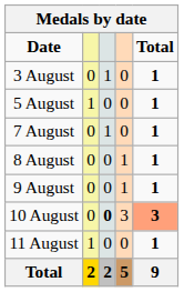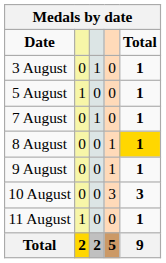 <table class="wikitable" style="font-size:85%">
 <tr bgcolor="#efefef">
 <th colspan=6>Medals by date</th>
 </tr>
 <tr align=center>
 <td><strong>Date</strong></td>
 <td bgcolor=#f7f6a8></td>
 <td bgcolor=#dce5e5></td>
 <td bgcolor=#ffdab9></td>
 <td><strong>Total</strong></td>
 </tr>
 <tr align=center>
 <td>3 August</td>
 <td style="background:#F7F6A8;">0</td>
 <td style="background:#DCE5E5;">1</td>
 <td style="background:#FFDAB9;">0</td>
 <td><strong>1</strong></td>
 </tr>
 <tr align=center>
 <td>5 August</td>
 <td style="background:#F7F6A8;">1</td>
 <td style="background:#DCE5E5;">0</td>
 <td style="background:#FFDAB9;">0</td>
 <td><strong>1</strong></td>
 </tr>
 <tr align=center>
 <td>7 August</td>
 <td style="background:#F7F6A8;">0</td>
 <td style="background:#DCE5E5;">1</td>
 <td style="background:#FFDAB9;">0</td>
 <td><strong>1</strong></td>
 </tr>
 <tr align=center>
 <td>8 August</td>
 <td style="background:#F7F6A8;">0</td>
 <td style="background:#DCE5E5;">0</td>
 <td style="background:#FFDAB9;">1</td>
-<td><strong>1</strong></td>
+<td style="background: gold;"><strong>1</strong></td>
 </tr>
 <tr align=center>
 <td>9 August</td>
 <td style="background:#F7F6A8;">0</td>
 <td style="background:#DCE5E5;">0</td>
 <td style="background:#FFDAB9;">1</td>
 <td><strong>1</strong></td>
 </tr>
 <tr align=center>
 <td>10 August</td>
 <td style="background:#F7F6A8;">0</td>
-<td style="background:#DCE5E5;"><strong>0</strong></td>
+<td style="background:#DCE5E5;">0</td>
 <td style="background:#FFDAB9;">3</td>
-<td style="background: lightsalmon;"><strong>3</strong></td>
+<td><strong>3</strong></td>
 </tr>
 <tr align=center>
 <td>11 August</td>
 <td style="background:#F7F6A8;">1</td>
 <td style="background:#DCE5E5;">0</td>
 <td style="background:#FFDAB9;">0</td>
 <td><strong>1</strong></td>
 </tr>
 <tr align=center>
 <th><strong>Total</strong></th>
 <th style="background:gold;"><strong>2</strong></th>
 <th style="background:silver;"><strong>2</strong></th>
 <th style="background:#c96;"><strong>5</strong></th>
 <th>9</th>
 </tr>
 </table>
